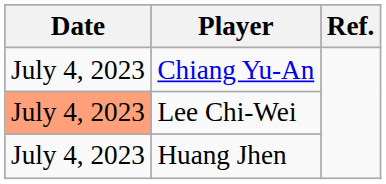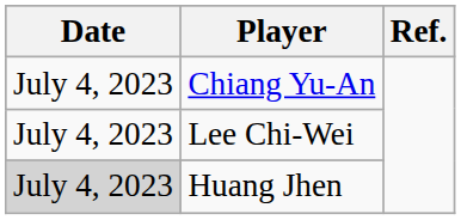 <table class="wikitable">
 <tr>
 <th>Date</th>
 <th>Player</th>
 <th>Ref.</th>
 </tr>
 <tr>
 <td>July 4, 2023</td>
 <td><a href='#'>Chiang Yu-An</a></td>
 <td rowspan=3></td>
 </tr>
 <tr>
-<td style="background: lightsalmon;">July 4, 2023</td>
+<td>July 4, 2023</td>
 <td>Lee Chi-Wei</td>
 </tr>
 <tr>
-<td>July 4, 2023</td>
+<td style="background: lightgrey;">July 4, 2023</td>
 <td>Huang Jhen</td>
 </tr>
 </table>
